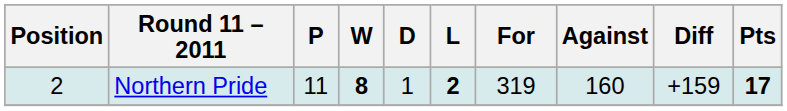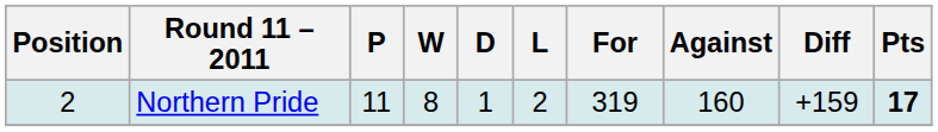 <table class="wikitable" style="text-align:center; font-size:85%;">
 <tr>
 <th width=40 abbr="Position">Position</th>
 <th width=100>Round 11 – 2011</th>
 <th width=20 abbr="Played">P</th>
 <th width=20 abbr="Won">W</th>
 <th width=20 abbr="Drawn">D</th>
 <th width=20 abbr="Lost">L</th>
 <th width=40 abbr="Points for">For</th>
 <th width=40 abbr="Points against">Against</th>
 <th width=40 abbr="Points difference">Diff</th>
 <th width=20 abbr="Points">Pts</th>
 </tr>
 <tr style="background: #d7ebed;">
 <td>2</td>
 <td style="text-align:left;"> <a href='#'>Northern Pride</a></td>
 <td>11</td>
-<td><strong>8</strong></td>
+<td>8</td>
 <td>1</td>
-<td><strong>2</strong></td>
+<td>2</td>
 <td>319</td>
 <td>160</td>
 <td>+159</td>
 <td><strong>17</strong></td>
 </tr>
 <tr>
 </tr>
 </table>
